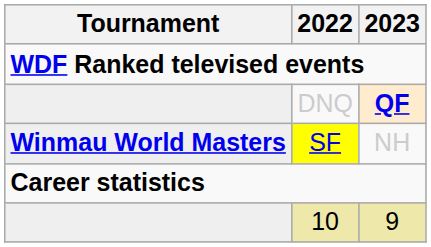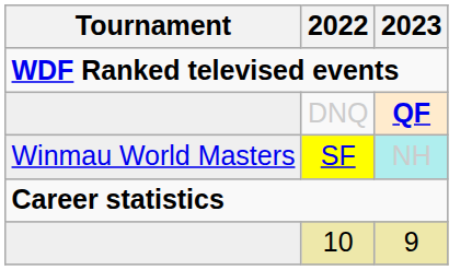 <table class="wikitable">
 <tr>
 <th>Tournament</th>
 <th>2022</th>
 <th>2023</th>
 </tr>
 <tr>
 <td colspan="31" align="left"><strong><a href='#'>WDF</a> Ranked televised events</strong></td>
 </tr>
 <tr>
 <td style="background:#efefef;"></td>
 <td style="text-align:center; color:#ccc;">DNQ</td>
 <td style="text-align:center; background:#ffebcd;"><strong><a href='#'>QF</a></strong></td>
 </tr>
 <tr>
-<td style="background:#efefef;"><strong><a href='#'>Winmau World Masters</a></strong></td>
+<td style="background:#efefef;"><a href='#'>Winmau World Masters</a></td>
 <td style="text-align:center; background:yellow;"><a href='#'>SF</a></td>
-<td style="text-align:center; color:#ccc;">NH</td>
+<td style="background: paleturquoise; text-align:center; color:#ccc;">NH</td>
 </tr>
 <tr>
 <td colspan="7" align="left"><strong>Career statistics</strong></td>
 </tr>
 <tr bgcolor="efefef">
 <td align="left"></td>
 <td style="text-align:center; background:#eee8aa;">10</td>
 <td style="text-align:center; background:#eee8aa;">9</td>
 </tr>
 </table>
